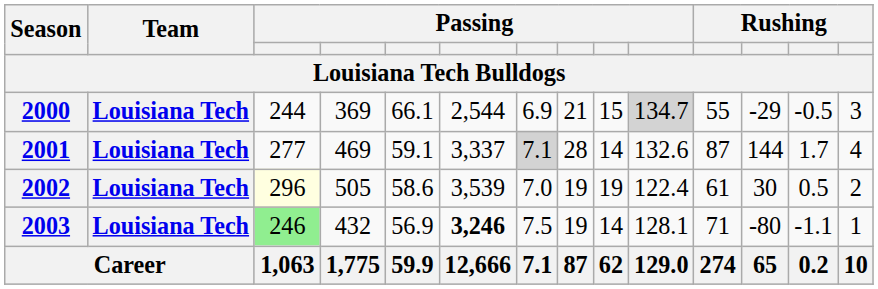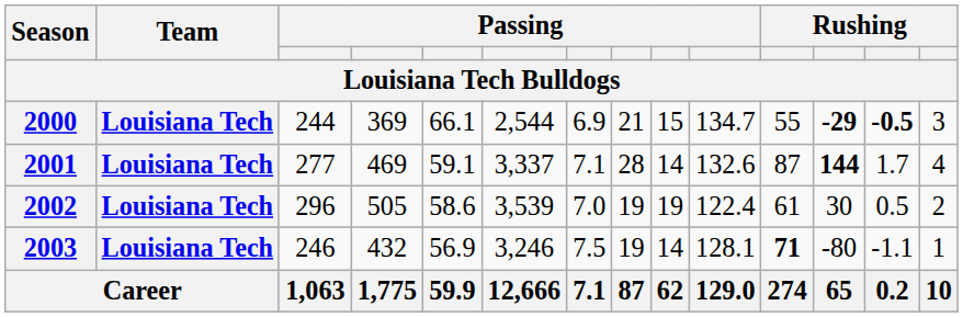 <table class="wikitable" style="text-align:center;">
 <tr>
 <th rowspan="2">Season</th>
 <th rowspan="2">Team</th>
 <th colspan="8">Passing</th>
 <th colspan="4">Rushing</th>
 </tr>
 <tr>
 <th></th>
 <th></th>
 <th></th>
 <th></th>
 <th></th>
 <th></th>
 <th></th>
 <th></th>
 <th></th>
 <th></th>
 <th></th>
 <th></th>
 </tr>
 <tr>
 <th colspan="16">Louisiana Tech Bulldogs</th>
 </tr>
 <tr>
 <th><a href='#'>2000</a></th>
 <th><a href='#'>Louisiana Tech</a></th>
 <td>244</td>
 <td>369</td>
 <td>66.1</td>
 <td>2,544</td>
 <td>6.9</td>
 <td>21</td>
 <td>15</td>
-<td style="background: lightgrey;">134.7</td>
+<td>134.7</td>
 <td>55</td>
-<td>-29</td>
-<td>-0.5</td>
+<td><strong>-29</strong></td>
+<td><strong>-0.5</strong></td>
 <td>3</td>
 </tr>
 <tr>
 <th><a href='#'>2001</a></th>
 <th><a href='#'>Louisiana Tech</a></th>
 <td>277</td>
 <td>469</td>
 <td>59.1</td>
 <td>3,337</td>
-<td style="background: lightgrey;">7.1</td>
+<td>7.1</td>
 <td>28</td>
 <td>14</td>
 <td>132.6</td>
 <td>87</td>
-<td>144</td>
+<td><strong>144</strong></td>
 <td>1.7</td>
 <td>4</td>
 </tr>
 <tr>
 <th><a href='#'>2002</a></th>
 <th><a href='#'>Louisiana Tech</a></th>
-<td style="background: lightyellow;">296</td>
+<td>296</td>
 <td>505</td>
 <td>58.6</td>
 <td>3,539</td>
 <td>7.0</td>
 <td>19</td>
 <td>19</td>
 <td>122.4</td>
 <td>61</td>
 <td>30</td>
 <td>0.5</td>
 <td>2</td>
 </tr>
 <tr>
 <th><a href='#'>2003</a></th>
 <th><a href='#'>Louisiana Tech</a></th>
-<td style="background: lightgreen;">246</td>
+<td>246</td>
 <td>432</td>
 <td>56.9</td>
-<td><strong>3,246</strong></td>
+<td>3,246</td>
 <td>7.5</td>
 <td>19</td>
 <td>14</td>
 <td>128.1</td>
-<td>71</td>
+<td><strong>71</strong></td>
 <td>-80</td>
 <td>-1.1</td>
 <td>1</td>
 </tr>
 <tr>
 <th colspan="2">Career</th>
 <th>1,063</th>
 <th>1,775</th>
 <th>59.9</th>
 <th>12,666</th>
 <th>7.1</th>
 <th>87</th>
 <th>62</th>
 <th>129.0</th>
 <th>274</th>
 <th>65</th>
 <th>0.2</th>
 <th>10</th>
 </tr>
 </table>
